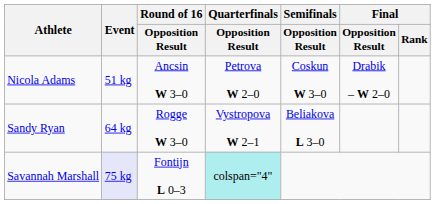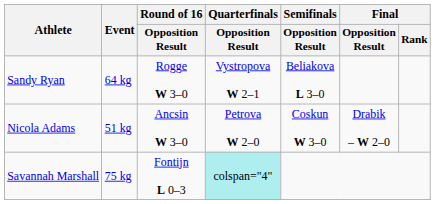 <table class="wikitable" style="font-size:90%;">
 <tr>
 <th rowspan=2>Athlete</th>
 <th rowspan=2>Event</th>
 <th>Round of 16</th>
 <th>Quarterfinals</th>
 <th>Semifinals</th>
 <th colspan=2>Final</th>
 </tr>
 <tr style="font-size:95%">
 <th>Opposition<br>Result</th>
 <th>Opposition<br>Result</th>
 <th>Opposition<br>Result</th>
 <th>Opposition<br>Result</th>
 <th>Rank</th>
 </tr>
 <tr align=center>
+<td align=left><a href='#'>Sandy Ryan</a></td>
+<td align=left><a href='#'>64 kg</a></td>
+<td><a href='#'>Rogge</a><br><br> <strong>W</strong> 3–0</td>
+<td><a href='#'>Vystropova</a><br><br> <strong>W</strong> 2–1</td>
+<td><a href='#'>Beliakova</a><br><br> <strong>L</strong> 3–0</td>
+<td></td>
+<td></td>
+</tr>
+<tr align=center>
 <td align=left><a href='#'>Nicola Adams</a></td>
 <td align=left><a href='#'>51 kg</a></td>
 <td><a href='#'>Ancsin</a><br><br> <strong>W</strong> 3–0</td>
 <td><a href='#'>Petrova</a><br><br> <strong>W</strong> 2–0</td>
 <td><a href='#'>Coskun</a><br><br> <strong>W</strong> 3–0</td>
 <td><a href='#'>Drabik</a><br><br> – <strong>W</strong> 2–0</td>
 <td></td>
 </tr>
 <tr align=center>
-<td align=left><a href='#'>Sandy Ryan</a></td>
-<td align=left><a href='#'>64 kg</a></td>
-<td><a href='#'>Rogge</a><br><br> <strong>W</strong> 3–0</td>
-<td><a href='#'>Vystropova</a><br><br> <strong>W</strong> 2–1</td>
-<td><a href='#'>Beliakova</a><br><br> <strong>L</strong> 3–0</td>
-<td></td>
-<td></td>
-</tr>
-<tr align=center>
 <td align=left><a href='#'>Savannah Marshall</a></td>
-<td align=left style="background: lavender;"><a href='#'>75 kg</a></td>
+<td align=left><a href='#'>75 kg</a></td>
 <td><a href='#'>Fontijn</a><br><br> <strong>L</strong> 0–3</td>
 <td style="background: paleturquoise;">colspan="4" </td>
 </tr>
 </table>
